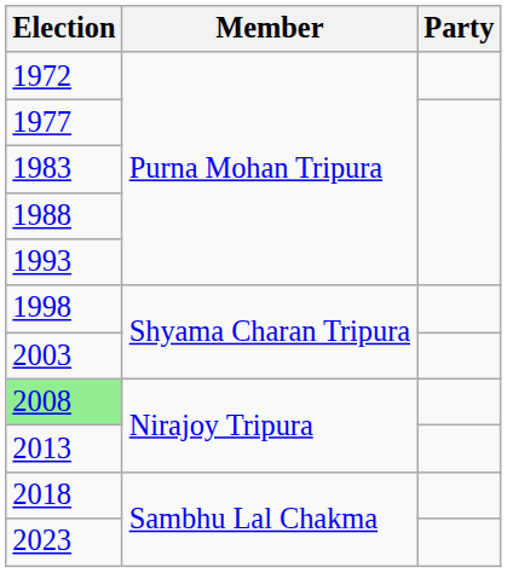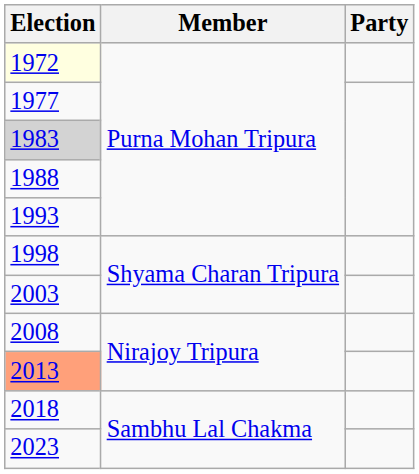 <table class="wikitable sortable">
 <tr>
 <th>Election</th>
 <th>Member</th>
 <th colspan=2>Party</th>
 </tr>
 <tr>
-<td><a href='#'>1972</a></td>
+<td style="background: lightyellow;"><a href='#'>1972</a></td>
 <td rowspan=5><a href='#'>Purna Mohan Tripura</a></td>
 <td></td>
 </tr>
 <tr>
 <td><a href='#'>1977</a></td>
 </tr>
 <tr>
-<td><a href='#'>1983</a></td>
+<td style="background: lightgrey;"><a href='#'>1983</a></td>
 </tr>
 <tr>
 <td><a href='#'>1988</a></td>
 </tr>
 <tr>
 <td><a href='#'>1993</a></td>
 </tr>
 <tr>
 <td><a href='#'>1998</a></td>
 <td rowspan=2><a href='#'>Shyama Charan Tripura</a></td>
 <td></td>
 </tr>
 <tr>
 <td><a href='#'>2003</a></td>
 <td></td>
 </tr>
 <tr>
-<td style="background: lightgreen;"><a href='#'>2008</a></td>
+<td><a href='#'>2008</a></td>
 <td rowspan=2><a href='#'>Nirajoy Tripura</a></td>
 <td></td>
 </tr>
 <tr>
-<td><a href='#'>2013</a></td>
+<td style="background: lightsalmon;"><a href='#'>2013</a></td>
 </tr>
 <tr>
 <td><a href='#'>2018</a></td>
 <td rowspan=2><a href='#'>Sambhu Lal Chakma</a></td>
 <td></td>
 </tr>
 <tr>
 <td><a href='#'>2023</a></td>
 </tr>
 </table>
